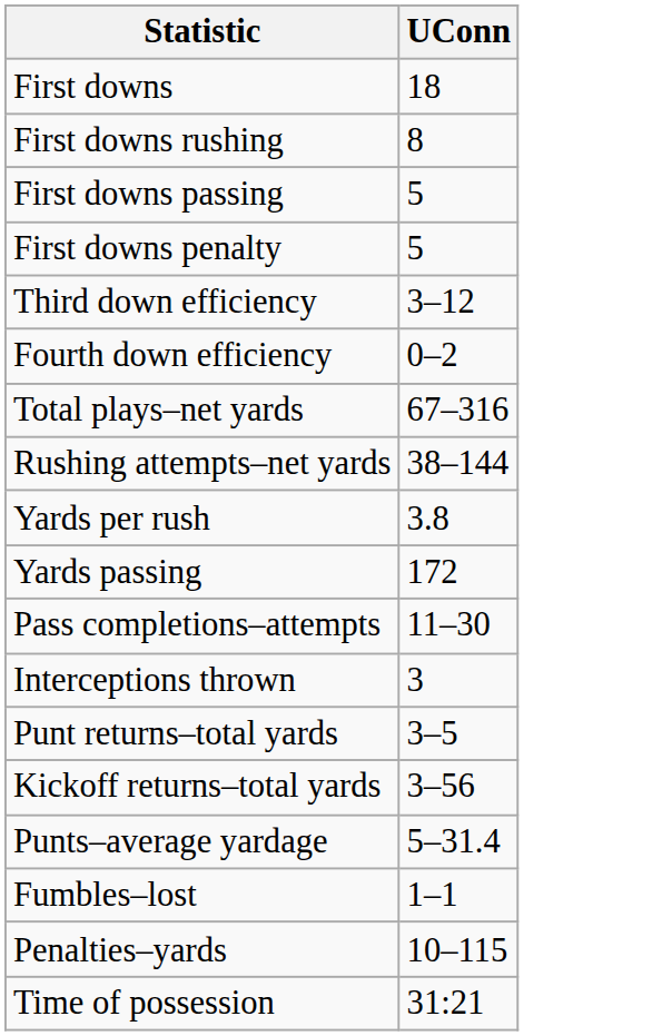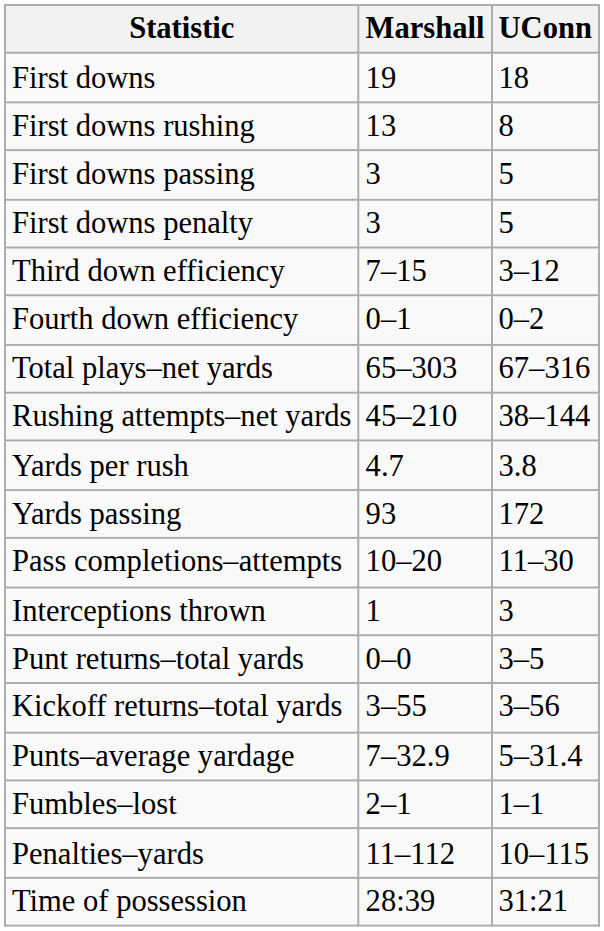 <table class="wikitable">
 <tr>
 <th>Statistic</th>
+<th><strong>Marshall</strong></th>
 <th><strong>UConn</strong></th>
 </tr>
 <tr>
 <td>First downs</td>
+<td>19</td>
 <td>18</td>
 </tr>
 <tr>
 <td>First downs rushing</td>
+<td>13</td>
 <td>8</td>
 </tr>
 <tr>
 <td>First downs passing</td>
+<td>3</td>
 <td>5</td>
 </tr>
 <tr>
 <td>First downs penalty</td>
+<td>3</td>
 <td>5</td>
 </tr>
 <tr>
 <td>Third down efficiency</td>
+<td>7–15</td>
 <td>3–12</td>
 </tr>
 <tr>
 <td>Fourth down efficiency</td>
+<td>0–1</td>
 <td>0–2</td>
 </tr>
 <tr>
 <td>Total plays–net yards</td>
+<td>65–303</td>
 <td>67–316</td>
 </tr>
 <tr>
 <td>Rushing attempts–net yards</td>
+<td>45–210</td>
 <td>38–144</td>
 </tr>
 <tr>
 <td>Yards per rush</td>
+<td>4.7</td>
 <td>3.8</td>
 </tr>
 <tr>
 <td>Yards passing</td>
+<td>93</td>
 <td>172</td>
 </tr>
 <tr>
 <td>Pass completions–attempts</td>
+<td>10–20</td>
 <td>11–30</td>
 </tr>
 <tr>
 <td>Interceptions thrown</td>
+<td>1</td>
 <td>3</td>
 </tr>
 <tr>
 <td>Punt returns–total yards</td>
+<td>0–0</td>
 <td>3–5</td>
 </tr>
 <tr>
 <td>Kickoff returns–total yards</td>
+<td>3–55</td>
 <td>3–56</td>
 </tr>
 <tr>
 <td>Punts–average yardage</td>
+<td>7–32.9</td>
 <td>5–31.4</td>
 </tr>
 <tr>
 <td>Fumbles–lost</td>
+<td>2–1</td>
 <td>1–1</td>
 </tr>
 <tr>
 <td>Penalties–yards</td>
+<td>11–112</td>
 <td>10–115</td>
 </tr>
 <tr>
 <td>Time of possession</td>
+<td>28:39</td>
 <td>31:21</td>
 </tr>
 </table>
